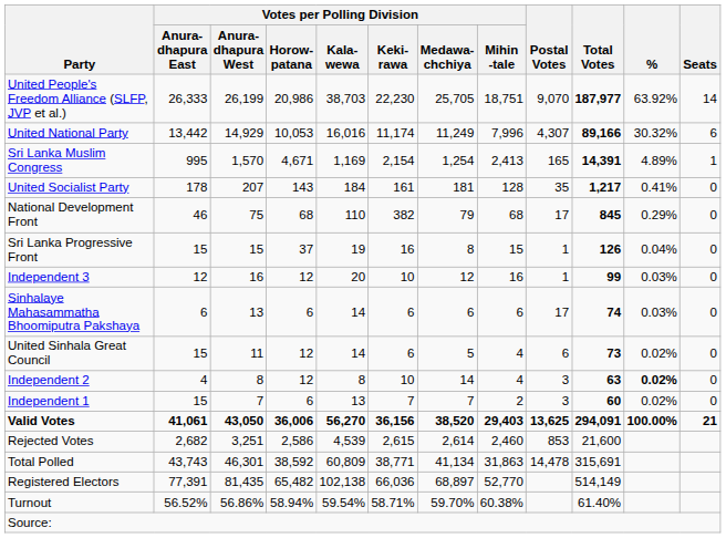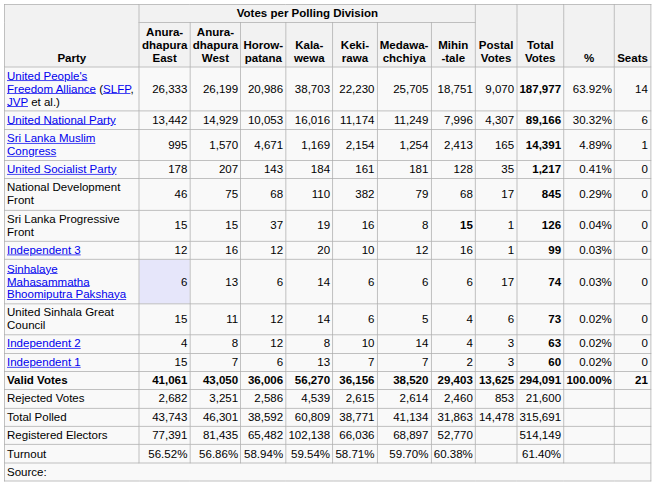 <table class="wikitable" border="1" style="text-align:right;">
 <tr>
 <th align=left valign=bottom rowspan=2 width="180">Party</th>
 <th colspan=7>Votes per Polling Division</th>
 <th align=center valign=bottom rowspan=2 width="50">Postal<br>Votes</th>
 <th align=center valign=bottom rowspan=2 width="50">Total Votes</th>
 <th align=center valign=bottom rowspan=2 width="50">%</th>
 <th align=center valign=bottom rowspan=2 width="40">Seats</th>
 </tr>
 <tr>
 <th align=center valign=bottom width="50">Anura-<br>dhapura<br>East</th>
 <th align=center valign=bottom width="50">Anura-<br>dhapura<br>West</th>
 <th align=center valign=bottom width="50">Horow-<br>patana</th>
 <th align=center valign=bottom width="50">Kala-<br>wewa</th>
 <th align=center valign=bottom width="50">Keki-<br>rawa</th>
 <th align=center valign=bottom width="50">Medawa-<br>chchiya</th>
 <th align=center valign=bottom width="50">Mihin<br>-tale</th>
 </tr>
 <tr>
 <td align=left><a href='#'>United People's Freedom Alliance</a> (<a href='#'>SLFP</a>, <a href='#'>JVP</a> et al.)</td>
 <td>26,333</td>
 <td>26,199</td>
 <td>20,986</td>
 <td>38,703</td>
 <td>22,230</td>
 <td>25,705</td>
 <td>18,751</td>
 <td>9,070</td>
 <td><strong>187,977</strong></td>
 <td>63.92%</td>
 <td>14</td>
 </tr>
 <tr>
 <td align=left><a href='#'>United National Party</a></td>
 <td>13,442</td>
 <td>14,929</td>
 <td>10,053</td>
 <td>16,016</td>
 <td>11,174</td>
 <td>11,249</td>
 <td>7,996</td>
 <td>4,307</td>
 <td><strong>89,166</strong></td>
 <td>30.32%</td>
 <td>6</td>
 </tr>
 <tr>
 <td align=left><a href='#'>Sri Lanka Muslim Congress</a></td>
 <td>995</td>
 <td>1,570</td>
 <td>4,671</td>
 <td>1,169</td>
 <td>2,154</td>
 <td>1,254</td>
 <td>2,413</td>
 <td>165</td>
 <td><strong>14,391</strong></td>
 <td>4.89%</td>
 <td>1</td>
 </tr>
 <tr>
 <td align=left><a href='#'>United Socialist Party</a></td>
 <td>178</td>
 <td>207</td>
 <td>143</td>
 <td>184</td>
 <td>161</td>
 <td>181</td>
 <td>128</td>
 <td>35</td>
 <td><strong>1,217</strong></td>
 <td>0.41%</td>
 <td>0</td>
 </tr>
 <tr>
 <td align=left>National Development Front</td>
 <td>46</td>
 <td>75</td>
 <td>68</td>
 <td>110</td>
 <td>382</td>
 <td>79</td>
 <td>68</td>
 <td>17</td>
 <td><strong>845</strong></td>
 <td>0.29%</td>
 <td>0</td>
 </tr>
 <tr>
 <td align=left>Sri Lanka Progressive Front</td>
 <td>15</td>
 <td>15</td>
 <td>37</td>
 <td>19</td>
 <td>16</td>
 <td>8</td>
-<td>15</td>
+<td><strong>15</strong></td>
 <td>1</td>
 <td><strong>126</strong></td>
 <td>0.04%</td>
 <td>0</td>
 </tr>
 <tr>
 <td align=left><a href='#'>Independent 3</a></td>
 <td>12</td>
 <td>16</td>
 <td>12</td>
 <td>20</td>
 <td>10</td>
 <td>12</td>
 <td>16</td>
 <td>1</td>
 <td><strong>99</strong></td>
 <td>0.03%</td>
 <td>0</td>
 </tr>
 <tr>
 <td align=left><a href='#'>Sinhalaye Mahasammatha Bhoomiputra Pakshaya</a></td>
-<td>6</td>
+<td style="background: lavender;">6</td>
 <td>13</td>
 <td>6</td>
 <td>14</td>
 <td>6</td>
 <td>6</td>
 <td>6</td>
 <td>17</td>
 <td><strong>74</strong></td>
 <td>0.03%</td>
 <td>0</td>
 </tr>
 <tr>
 <td align=left>United Sinhala Great Council</td>
 <td>15</td>
 <td>11</td>
 <td>12</td>
 <td>14</td>
 <td>6</td>
 <td>5</td>
 <td>4</td>
 <td>6</td>
 <td><strong>73</strong></td>
 <td>0.02%</td>
 <td>0</td>
 </tr>
 <tr>
 <td align=left><a href='#'>Independent 2</a></td>
 <td>4</td>
 <td>8</td>
 <td>12</td>
 <td>8</td>
 <td>10</td>
 <td>14</td>
 <td>4</td>
 <td>3</td>
 <td><strong>63</strong></td>
-<td><strong>0.02%</strong></td>
+<td>0.02%</td>
 <td>0</td>
 </tr>
 <tr>
 <td align=left><a href='#'>Independent 1</a></td>
 <td>15</td>
 <td>7</td>
 <td>6</td>
 <td>13</td>
 <td>7</td>
 <td>7</td>
 <td>2</td>
 <td>3</td>
 <td><strong>60</strong></td>
 <td>0.02%</td>
 <td>0</td>
 </tr>
 <tr>
 <td align=left><strong>Valid Votes</strong></td>
 <td><strong>41,061</strong></td>
 <td><strong>43,050</strong></td>
 <td><strong>36,006</strong></td>
 <td><strong>56,270</strong></td>
 <td><strong>36,156</strong></td>
 <td><strong>38,520</strong></td>
 <td><strong>29,403</strong></td>
 <td><strong>13,625</strong></td>
 <td><strong>294,091</strong></td>
 <td><strong>100.00%</strong></td>
 <td><strong>21</strong></td>
 </tr>
 <tr>
 <td align=left>Rejected Votes</td>
 <td>2,682</td>
 <td>3,251</td>
 <td>2,586</td>
 <td>4,539</td>
 <td>2,615</td>
 <td>2,614</td>
 <td>2,460</td>
 <td>853</td>
 <td>21,600</td>
 <td></td>
 <td></td>
 </tr>
 <tr>
 <td align=left>Total Polled</td>
 <td>43,743</td>
 <td>46,301</td>
 <td>38,592</td>
 <td>60,809</td>
 <td>38,771</td>
 <td>41,134</td>
 <td>31,863</td>
 <td>14,478</td>
 <td>315,691</td>
 <td></td>
 <td></td>
 </tr>
 <tr>
 <td align=left>Registered Electors</td>
 <td>77,391</td>
 <td>81,435</td>
 <td>65,482</td>
 <td>102,138</td>
 <td>66,036</td>
 <td>68,897</td>
 <td>52,770</td>
 <td></td>
 <td>514,149</td>
 <td></td>
 <td></td>
 </tr>
 <tr>
 <td align=left>Turnout</td>
 <td>56.52%</td>
 <td>56.86%</td>
 <td>58.94%</td>
 <td>59.54%</td>
 <td>58.71%</td>
 <td>59.70%</td>
 <td>60.38%</td>
 <td></td>
 <td>61.40%</td>
 <td></td>
 <td></td>
 </tr>
 <tr>
 <td align=left colspan=13>Source:</td>
 </tr>
 </table>
